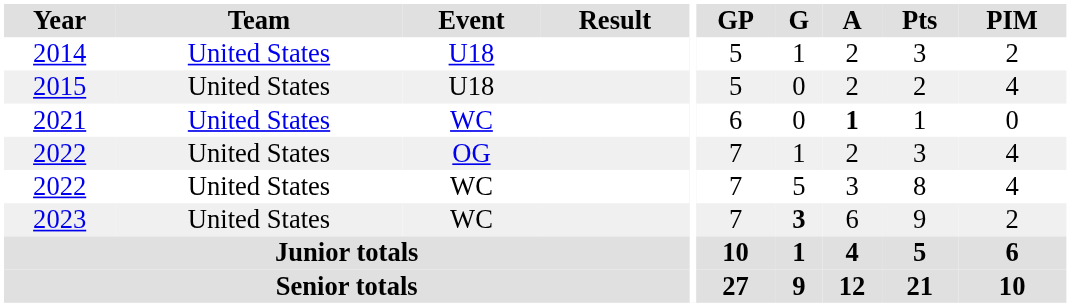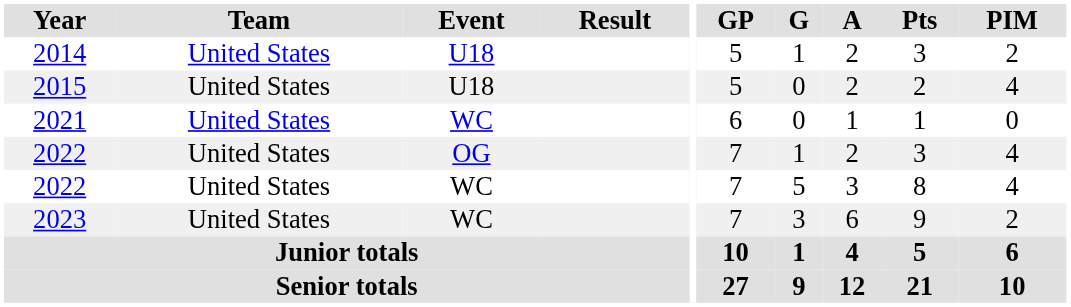 <table border="0" cellpadding="1" cellspacing="0" ID="Table3" style="text-align:center; width:40em;">
 <tr bgcolor="#e0e0e0">
 <th>Year</th>
 <th>Team</th>
 <th>Event</th>
 <th>Result</th>
 <th rowspan="104" bgcolor="#ffffff"></th>
 <th>GP</th>
 <th>G</th>
 <th>A</th>
 <th>Pts</th>
 <th>PIM</th>
 </tr>
 <tr>
 <td><a href='#'>2014</a></td>
 <td><a href='#'>United States</a></td>
 <td><a href='#'>U18</a></td>
 <td></td>
 <td>5</td>
 <td>1</td>
 <td>2</td>
 <td>3</td>
 <td>2</td>
 </tr>
 <tr bgcolor="#f0f0f0">
 <td><a href='#'>2015</a></td>
 <td>United States</td>
 <td>U18</td>
 <td></td>
 <td>5</td>
 <td>0</td>
 <td>2</td>
 <td>2</td>
 <td>4</td>
 </tr>
 <tr>
 <td><a href='#'>2021</a></td>
 <td><a href='#'>United States</a></td>
 <td><a href='#'>WC</a></td>
 <td></td>
 <td>6</td>
 <td>0</td>
-<td><strong>1</strong></td>
+<td>1</td>
 <td>1</td>
 <td>0</td>
 </tr>
 <tr bgcolor="#f0f0f0">
 <td><a href='#'>2022</a></td>
 <td>United States</td>
 <td><a href='#'>OG</a></td>
 <td></td>
 <td>7</td>
 <td>1</td>
 <td>2</td>
 <td>3</td>
 <td>4</td>
 </tr>
 <tr>
 <td><a href='#'>2022</a></td>
 <td>United States</td>
 <td>WC</td>
 <td></td>
 <td>7</td>
 <td>5</td>
 <td>3</td>
 <td>8</td>
 <td>4</td>
 </tr>
 <tr bgcolor="#f0f0f0">
 <td><a href='#'>2023</a></td>
 <td>United States</td>
 <td>WC</td>
 <td></td>
 <td>7</td>
-<td><strong>3</strong></td>
+<td>3</td>
 <td>6</td>
 <td>9</td>
 <td>2</td>
 </tr>
 <tr bgcolor="#e0e0e0">
 <th colspan="4">Junior totals</th>
 <th>10</th>
 <th>1</th>
 <th>4</th>
 <th>5</th>
 <th>6</th>
 </tr>
 <tr bgcolor="#e0e0e0">
 <th colspan="4">Senior totals</th>
 <th>27</th>
 <th>9</th>
 <th>12</th>
 <th>21</th>
 <th>10</th>
 </tr>
 </table>
